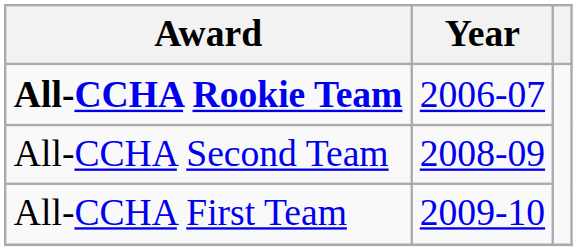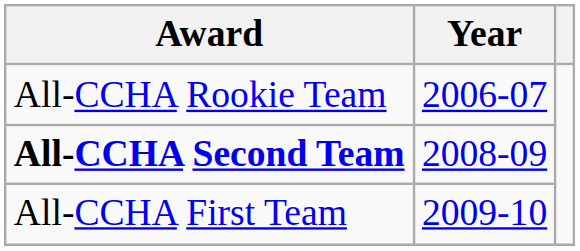 <table class="wikitable">
 <tr>
 <th>Award</th>
 <th>Year</th>
 <th></th>
 </tr>
 <tr>
-<td><strong>All-<a href='#'>CCHA</a> <a href='#'>Rookie Team</a></strong></td>
+<td>All-<a href='#'>CCHA</a> <a href='#'>Rookie Team</a></td>
 <td><a href='#'>2006-07</a></td>
 <td rowspan="3"></td>
 </tr>
 <tr>
-<td>All-<a href='#'>CCHA</a> <a href='#'>Second Team</a></td>
+<td><strong>All-<a href='#'>CCHA</a> <a href='#'>Second Team</a></strong></td>
 <td><a href='#'>2008-09</a></td>
 </tr>
 <tr>
 <td>All-<a href='#'>CCHA</a> <a href='#'>First Team</a></td>
 <td><a href='#'>2009-10</a></td>
 </tr>
 <tr>
 </tr>
 </table>
